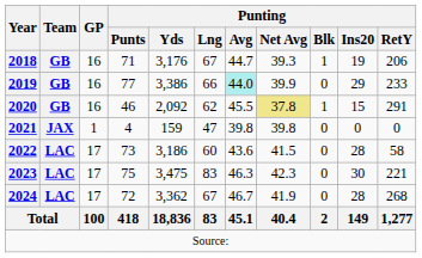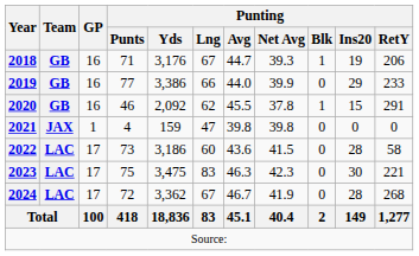 <table class="wikitable" style="text-align:center;">
 <tr>
 <th rowspan="2">Year</th>
 <th rowspan="2">Team</th>
 <th rowspan="2">GP</th>
 <th colspan="8">Punting</th>
 </tr>
 <tr>
 <th>Punts</th>
 <th>Yds</th>
 <th>Lng</th>
 <th>Avg</th>
 <th>Net Avg</th>
 <th>Blk</th>
 <th>Ins20</th>
 <th>RetY</th>
 </tr>
 <tr>
 <th><a href='#'>2018</a></th>
 <th><a href='#'>GB</a></th>
 <td>16</td>
 <td>71</td>
 <td>3,176</td>
 <td>67</td>
 <td>44.7</td>
 <td>39.3</td>
 <td>1</td>
 <td>19</td>
 <td>206</td>
 </tr>
 <tr>
 <th><a href='#'>2019</a></th>
 <th><a href='#'>GB</a></th>
 <td>16</td>
 <td>77</td>
 <td>3,386</td>
 <td>66</td>
-<td style="background: paleturquoise;">44.0</td>
+<td>44.0</td>
 <td>39.9</td>
 <td>0</td>
 <td>29</td>
 <td>233</td>
 </tr>
 <tr>
 <th><a href='#'>2020</a></th>
 <th><a href='#'>GB</a></th>
 <td>16</td>
 <td>46</td>
 <td>2,092</td>
 <td>62</td>
 <td>45.5</td>
-<td style="background: khaki;">37.8</td>
+<td>37.8</td>
 <td>1</td>
 <td>15</td>
 <td>291</td>
 </tr>
 <tr>
 <th><a href='#'>2021</a></th>
 <th><a href='#'>JAX</a></th>
 <td>1</td>
 <td>4</td>
 <td>159</td>
 <td>47</td>
 <td>39.8</td>
 <td>39.8</td>
 <td>0</td>
 <td>0</td>
 <td>0</td>
 </tr>
 <tr>
 <th><a href='#'>2022</a></th>
 <th><a href='#'>LAC</a></th>
 <td>17</td>
 <td>73</td>
 <td>3,186</td>
 <td>60</td>
 <td>43.6</td>
 <td>41.5</td>
 <td>0</td>
 <td>28</td>
 <td>58</td>
 </tr>
 <tr>
 <th><a href='#'>2023</a></th>
 <th><a href='#'>LAC</a></th>
 <td>17</td>
 <td>75</td>
 <td>3,475</td>
 <td>83</td>
 <td>46.3</td>
 <td>42.3</td>
 <td>0</td>
 <td>30</td>
 <td>221</td>
 </tr>
 <tr>
 <th><a href='#'>2024</a></th>
 <th><a href='#'>LAC</a></th>
 <td>17</td>
 <td>72</td>
 <td>3,362</td>
 <td>67</td>
 <td>46.7</td>
 <td>41.9</td>
 <td>0</td>
 <td>28</td>
 <td>268</td>
 </tr>
 <tr>
 <th colspan="2">Total</th>
 <th>100</th>
 <th>418</th>
 <th>18,836</th>
 <th>83</th>
 <th>45.1</th>
 <th>40.4</th>
 <th>2</th>
 <th>149</th>
 <th>1,277</th>
 </tr>
 <tr>
 <td colspan="12"><small>Source: </small></td>
 </tr>
 </table>
